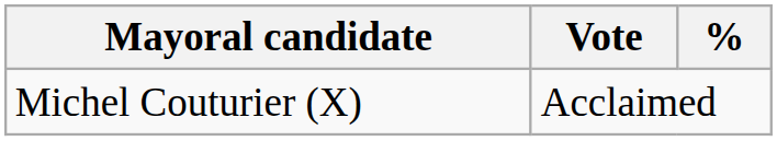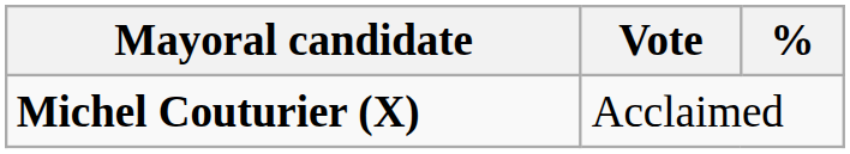 <table class="wikitable">
 <tr>
 <th bgcolor="#DDDDFF" width="200px">Mayoral candidate</th>
 <th bgcolor="#DDDDFF" width="50px">Vote</th>
 <th bgcolor="#DDDDFF" width="30px">%</th>
 </tr>
 <tr>
-<td>Michel Couturier (X)</td>
+<td><strong>Michel Couturier (X)</strong></td>
 <td colspan="2">Acclaimed</td>
 </tr>
 </table>
